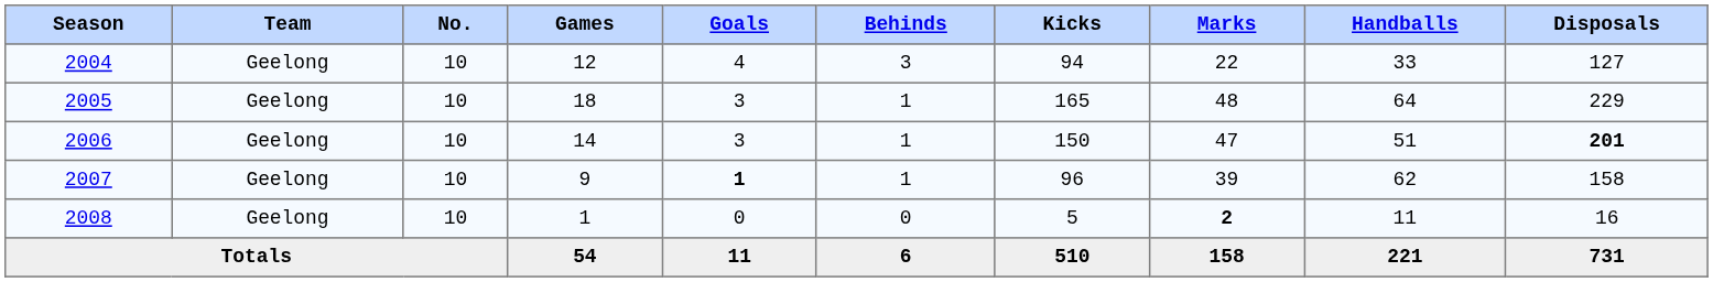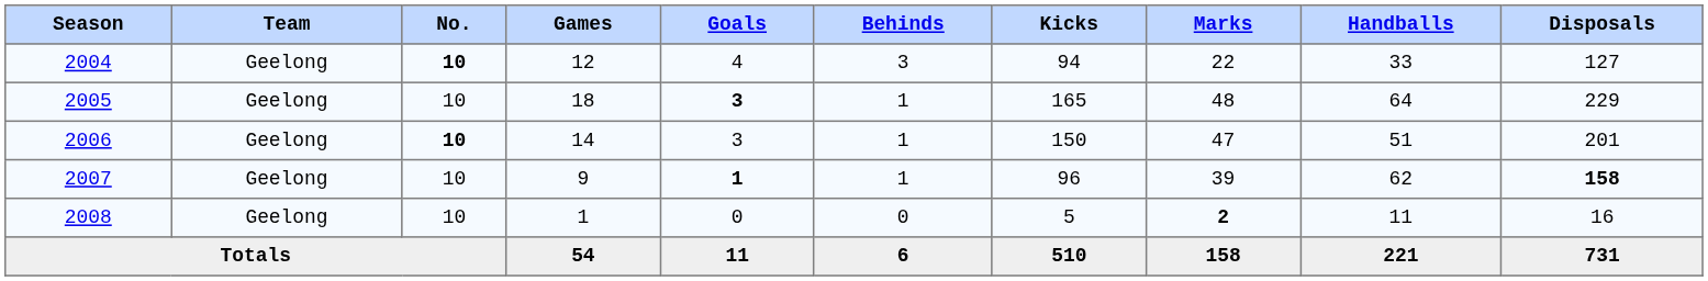 <table border="1" cellpadding="4" cellspacing="0" style="text-align:center; font-size:90%; border-collapse:collapse;" width=80%>
 <tr style="background:#C1D8FF;">
 <th width=3%>Season</th>
 <th width=5%>Team</th>
 <th width=2%>No.</th>
 <th width=3%>Games</th>
 <th width=3%><a href='#'>Goals</a></th>
 <th width=3%><a href='#'>Behinds</a></th>
 <th width=3%>Kicks</th>
 <th width=3%><a href='#'>Marks</a></th>
 <th width=3%><a href='#'>Handballs</a></th>
 <th width=3%>Disposals</th>
 </tr>
 <tr style="background:#F5FAFF;">
 <td><a href='#'>2004</a></td>
 <td>Geelong</td>
-<td>10</td>
+<td><strong>10</strong></td>
 <td>12</td>
 <td>4</td>
 <td>3</td>
 <td>94</td>
 <td>22</td>
 <td>33</td>
 <td>127</td>
 </tr>
 <tr style="background:#F5FAFF;">
 <td><a href='#'>2005</a></td>
 <td>Geelong</td>
 <td>10</td>
 <td>18</td>
-<td>3</td>
+<td><strong>3</strong></td>
 <td>1</td>
 <td>165</td>
 <td>48</td>
 <td>64</td>
 <td>229</td>
 </tr>
 <tr style="background:#F5FAFF;">
 <td><a href='#'>2006</a></td>
 <td>Geelong</td>
-<td>10</td>
+<td><strong>10</strong></td>
 <td>14</td>
 <td>3</td>
 <td>1</td>
 <td>150</td>
 <td>47</td>
 <td>51</td>
-<td><strong>201</strong></td>
+<td>201</td>
 </tr>
 <tr style="background:#F5FAFF;">
 <td><a href='#'>2007</a></td>
 <td>Geelong</td>
 <td>10</td>
 <td>9</td>
 <td><strong>1</strong></td>
 <td>1</td>
 <td>96</td>
 <td>39</td>
 <td>62</td>
-<td>158</td>
+<td><strong>158</strong></td>
 </tr>
 <tr style="background:#F5FAFF;">
 <td><a href='#'>2008</a></td>
 <td>Geelong</td>
 <td>10</td>
 <td>1</td>
 <td>0</td>
 <td>0</td>
 <td>5</td>
 <td><strong>2</strong></td>
 <td>11</td>
 <td>16</td>
 </tr>
 <tr style="background:#EFEFEF;">
 <th colspan=3>Totals</th>
 <td><strong>54</strong></td>
 <td><strong>11</strong></td>
 <td><strong>6</strong></td>
 <td><strong>510</strong></td>
 <td><strong>158</strong></td>
 <td><strong>221</strong></td>
 <td><strong>731</strong></td>
 </tr>
 </table>
